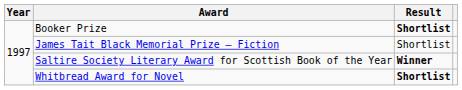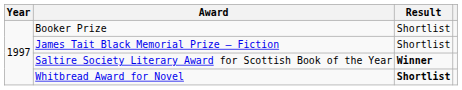 <table class="wikitable">
 <tr>
 <th>Year</th>
 <th>Award</th>
 <th>Result</th>
 <th></th>
 </tr>
 <tr>
 <td rowspan="4">1997</td>
 <td>Booker Prize</td>
-<td><strong>Shortlist</strong></td>
+<td>Shortlist</td>
 <td></td>
 </tr>
 <tr>
 <td><a href='#'>James Tait Black Memorial Prize – Fiction</a></td>
 <td>Shortlist</td>
 <td></td>
 </tr>
 <tr>
 <td><a href='#'>Saltire Society Literary Award</a> for Scottish Book of the Year</td>
 <td><strong>Winner</strong></td>
 <td></td>
 </tr>
 <tr>
 <td><a href='#'>Whitbread Award for Novel</a></td>
 <td><strong>Shortlist</strong></td>
 <td></td>
 </tr>
 </table>
